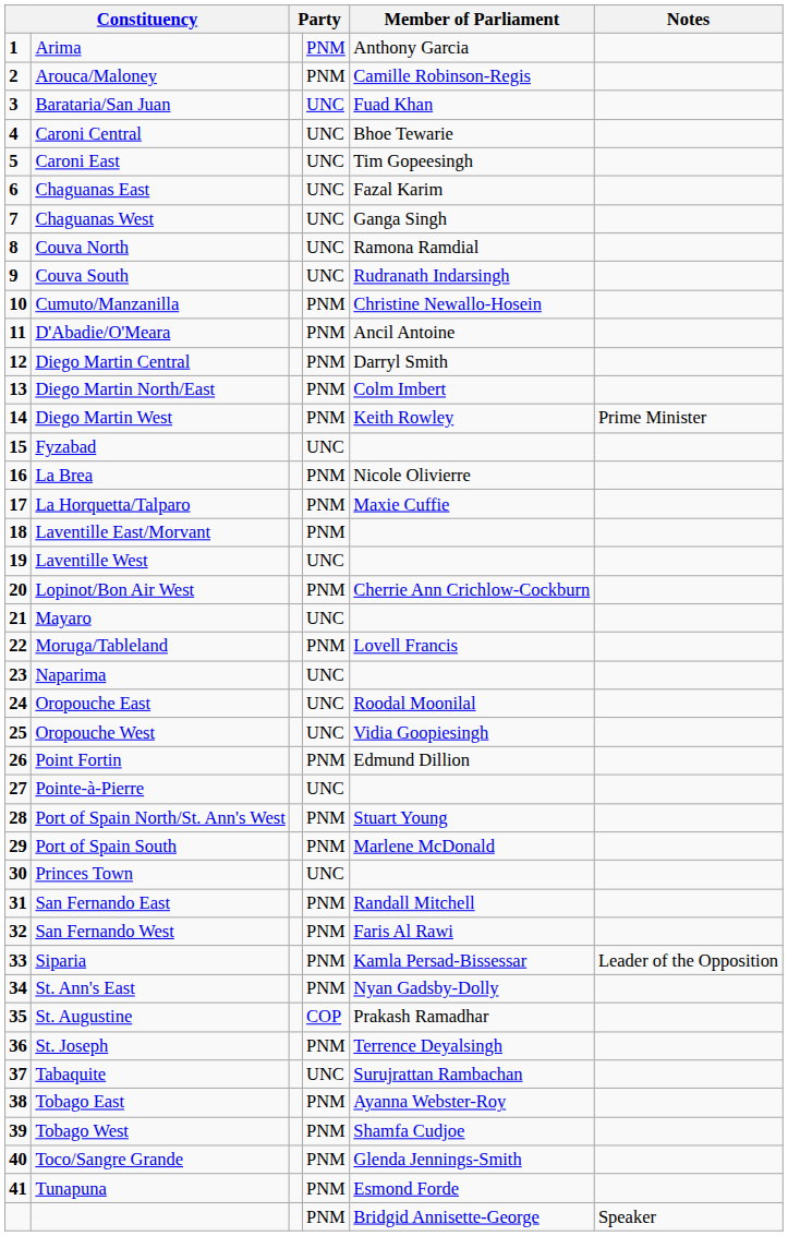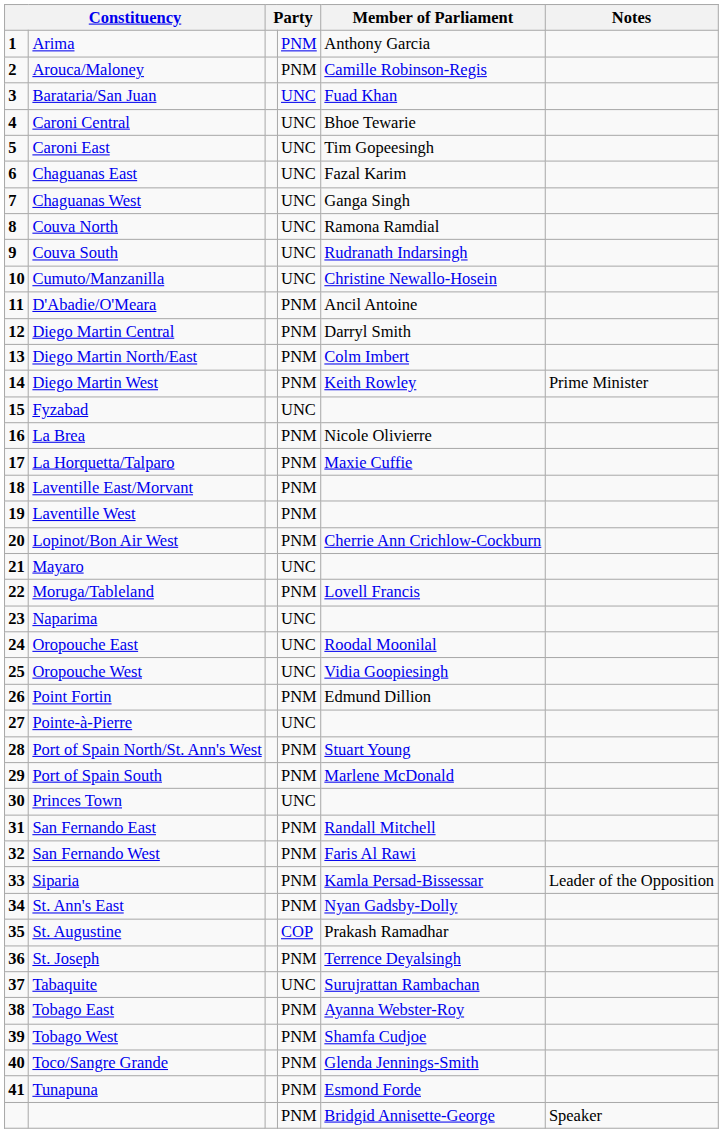 <table class="wikitable sortable">
 <tr>
 <th colspan="2"><a href='#'>Constituency</a></th>
 <th colspan="2">Party</th>
 <th>Member of Parliament</th>
 <th>Notes</th>
 </tr>
 <tr>
 <td><strong>1</strong></td>
 <td><a href='#'>Arima</a></td>
 <td style="background:"> </td>
 <td><a href='#'>PNM</a></td>
 <td>Anthony Garcia</td>
 <td></td>
 </tr>
 <tr>
 <td><strong>2</strong></td>
 <td><a href='#'>Arouca/Maloney</a></td>
 <td style="background:"> </td>
 <td>PNM</td>
 <td><a href='#'>Camille Robinson-Regis</a></td>
 <td></td>
 </tr>
 <tr>
 <td><strong>3</strong></td>
 <td><a href='#'>Barataria/San Juan</a></td>
 <td style="background:"> </td>
 <td><a href='#'>UNC</a></td>
 <td><a href='#'>Fuad Khan</a></td>
 <td></td>
 </tr>
 <tr>
 <td><strong>4</strong></td>
 <td><a href='#'>Caroni Central</a></td>
 <td style="background:"> </td>
 <td>UNC</td>
 <td>Bhoe Tewarie</td>
 <td></td>
 </tr>
 <tr>
 <td><strong>5</strong></td>
 <td><a href='#'>Caroni East</a></td>
 <td style="background:"> </td>
 <td>UNC</td>
 <td>Tim Gopeesingh</td>
 <td></td>
 </tr>
 <tr>
 <td><strong>6</strong></td>
 <td><a href='#'>Chaguanas East</a></td>
 <td style="background:"> </td>
 <td>UNC</td>
 <td>Fazal Karim</td>
 <td></td>
 </tr>
 <tr>
 <td><strong>7</strong></td>
 <td><a href='#'>Chaguanas West</a></td>
 <td style="background:"> </td>
 <td>UNC</td>
 <td>Ganga Singh</td>
 <td></td>
 </tr>
 <tr>
 <td><strong>8</strong></td>
 <td><a href='#'>Couva North</a></td>
 <td style="background:"> </td>
 <td>UNC</td>
 <td>Ramona Ramdial</td>
 <td></td>
 </tr>
 <tr>
 <td><strong>9</strong></td>
 <td><a href='#'>Couva South</a></td>
 <td style="background:"> </td>
 <td>UNC</td>
 <td><a href='#'>Rudranath Indarsingh</a></td>
 <td></td>
 </tr>
 <tr>
 <td><strong>10</strong></td>
 <td><a href='#'>Cumuto/Manzanilla</a></td>
 <td style="background:"> </td>
-<td>PNM</td>
+<td>UNC</td>
 <td><a href='#'>Christine Newallo-Hosein</a></td>
 <td></td>
 </tr>
 <tr>
 <td><strong>11</strong></td>
 <td><a href='#'>D'Abadie/O'Meara</a></td>
 <td style="background:"> </td>
 <td>PNM</td>
 <td>Ancil Antoine</td>
 <td></td>
 </tr>
 <tr>
 <td><strong>12</strong></td>
 <td><a href='#'>Diego Martin Central</a></td>
 <td style="background:"> </td>
 <td>PNM</td>
 <td>Darryl Smith</td>
 <td></td>
 </tr>
 <tr>
 <td><strong>13</strong></td>
 <td><a href='#'>Diego Martin North/East</a></td>
 <td style="background:"> </td>
 <td>PNM</td>
 <td><a href='#'>Colm Imbert</a></td>
 <td></td>
 </tr>
 <tr>
 <td><strong>14</strong></td>
 <td><a href='#'>Diego Martin West</a></td>
 <td style="background:"> </td>
 <td>PNM</td>
 <td><a href='#'>Keith Rowley</a></td>
 <td>Prime Minister</td>
 </tr>
 <tr>
 <td><strong>15</strong></td>
 <td><a href='#'>Fyzabad</a></td>
 <td style="background:"> </td>
 <td>UNC</td>
 <td></td>
 <td></td>
 </tr>
 <tr>
 <td><strong>16</strong></td>
 <td><a href='#'>La Brea</a></td>
 <td style="background:"> </td>
 <td>PNM</td>
 <td>Nicole Olivierre</td>
 <td></td>
 </tr>
 <tr>
 <td><strong>17</strong></td>
 <td><a href='#'>La Horquetta/Talparo</a></td>
 <td style="background:"> </td>
 <td>PNM</td>
 <td><a href='#'>Maxie Cuffie</a></td>
 <td></td>
 </tr>
 <tr>
 <td><strong>18</strong></td>
 <td><a href='#'>Laventille East/Morvant</a></td>
 <td style="background:"> </td>
 <td>PNM</td>
 <td></td>
 <td></td>
 </tr>
 <tr>
 <td><strong>19</strong></td>
 <td><a href='#'>Laventille West</a></td>
 <td style="background:"> </td>
-<td>UNC</td>
+<td>PNM</td>
 <td></td>
 <td></td>
 </tr>
 <tr>
 <td><strong>20</strong></td>
 <td><a href='#'>Lopinot/Bon Air West</a></td>
 <td style="background:"> </td>
 <td>PNM</td>
 <td><a href='#'>Cherrie Ann Crichlow-Cockburn</a></td>
 <td></td>
 </tr>
 <tr>
 <td><strong>21</strong></td>
 <td><a href='#'>Mayaro</a></td>
 <td style="background:"> </td>
 <td>UNC</td>
 <td></td>
 <td></td>
 </tr>
 <tr>
 <td><strong>22</strong></td>
 <td><a href='#'>Moruga/Tableland</a></td>
 <td style="background:"> </td>
 <td>PNM</td>
 <td><a href='#'>Lovell Francis</a></td>
 <td></td>
 </tr>
 <tr>
 <td><strong>23</strong></td>
 <td><a href='#'>Naparima</a></td>
 <td style="background:"> </td>
 <td>UNC</td>
 <td></td>
 <td></td>
 </tr>
 <tr>
 <td><strong>24</strong></td>
 <td><a href='#'>Oropouche East</a></td>
 <td style="background:"> </td>
 <td>UNC</td>
 <td><a href='#'>Roodal Moonilal</a></td>
 <td></td>
 </tr>
 <tr>
 <td><strong>25</strong></td>
 <td><a href='#'>Oropouche West</a></td>
 <td style="background:"> </td>
 <td>UNC</td>
 <td><a href='#'>Vidia Goopiesingh</a></td>
 <td></td>
 </tr>
 <tr>
 <td><strong>26</strong></td>
 <td><a href='#'>Point Fortin</a></td>
 <td style="background:"> </td>
 <td>PNM</td>
 <td>Edmund Dillion</td>
 <td></td>
 </tr>
 <tr>
 <td><strong>27</strong></td>
 <td><a href='#'>Pointe-à-Pierre</a></td>
 <td style="background:"> </td>
 <td>UNC</td>
 <td></td>
 <td></td>
 </tr>
 <tr>
 <td><strong>28</strong></td>
 <td><a href='#'>Port of Spain North/St. Ann's West</a></td>
 <td style="background:"> </td>
 <td>PNM</td>
 <td><a href='#'>Stuart Young</a></td>
 <td></td>
 </tr>
 <tr>
 <td><strong>29</strong></td>
 <td><a href='#'>Port of Spain South</a></td>
 <td style="background:"> </td>
 <td>PNM</td>
 <td><a href='#'>Marlene McDonald</a></td>
 <td></td>
 </tr>
 <tr>
 <td><strong>30</strong></td>
 <td><a href='#'>Princes Town</a></td>
 <td style="background:"> </td>
 <td>UNC</td>
 <td></td>
 <td></td>
 </tr>
 <tr>
 <td><strong>31</strong></td>
 <td><a href='#'>San Fernando East</a></td>
 <td style="background:"> </td>
 <td>PNM</td>
 <td><a href='#'>Randall Mitchell</a></td>
 <td></td>
 </tr>
 <tr>
 <td><strong>32</strong></td>
 <td><a href='#'>San Fernando West</a></td>
 <td style="background:"> </td>
 <td>PNM</td>
 <td><a href='#'>Faris Al Rawi</a></td>
 <td></td>
 </tr>
 <tr>
 <td><strong>33</strong></td>
 <td><a href='#'>Siparia</a></td>
 <td style="background:"> </td>
 <td>PNM</td>
 <td><a href='#'>Kamla Persad-Bissessar</a></td>
 <td>Leader of the Opposition</td>
 </tr>
 <tr>
 <td><strong>34</strong></td>
 <td><a href='#'>St. Ann's East</a></td>
 <td style="background:"> </td>
 <td>PNM</td>
 <td><a href='#'>Nyan Gadsby-Dolly</a></td>
 <td></td>
 </tr>
 <tr>
 <td><strong>35</strong></td>
 <td><a href='#'>St. Augustine</a></td>
 <td style="background:"> </td>
 <td><a href='#'>COP</a></td>
 <td>Prakash Ramadhar</td>
 <td></td>
 </tr>
 <tr>
 <td><strong>36</strong></td>
 <td><a href='#'>St. Joseph</a></td>
 <td style="background:"> </td>
 <td>PNM</td>
 <td><a href='#'>Terrence Deyalsingh</a></td>
 <td></td>
 </tr>
 <tr>
 <td><strong>37</strong></td>
 <td><a href='#'>Tabaquite</a></td>
 <td style="background:"> </td>
 <td>UNC</td>
 <td><a href='#'>Surujrattan Rambachan</a></td>
 <td></td>
 </tr>
 <tr>
 <td><strong>38</strong></td>
 <td><a href='#'>Tobago East</a></td>
 <td style="background:"> </td>
 <td>PNM</td>
 <td><a href='#'>Ayanna Webster-Roy</a></td>
 <td></td>
 </tr>
 <tr>
 <td><strong>39</strong></td>
 <td><a href='#'>Tobago West</a></td>
 <td style="background:"> </td>
 <td>PNM</td>
 <td><a href='#'>Shamfa Cudjoe</a></td>
 <td></td>
 </tr>
 <tr>
 <td><strong>40</strong></td>
 <td><a href='#'>Toco/Sangre Grande</a></td>
 <td style="background:"> </td>
 <td>PNM</td>
 <td><a href='#'>Glenda Jennings-Smith</a></td>
 <td></td>
 </tr>
 <tr>
 <td><strong>41</strong></td>
 <td><a href='#'>Tunapuna</a></td>
 <td style="background:"> </td>
 <td>PNM</td>
 <td><a href='#'>Esmond Forde</a></td>
 <td></td>
 </tr>
 <tr>
 <td></td>
 <td></td>
 <td style="background:"> </td>
 <td>PNM</td>
 <td><a href='#'>Bridgid Annisette-George</a></td>
 <td>Speaker</td>
 </tr>
 </table>
